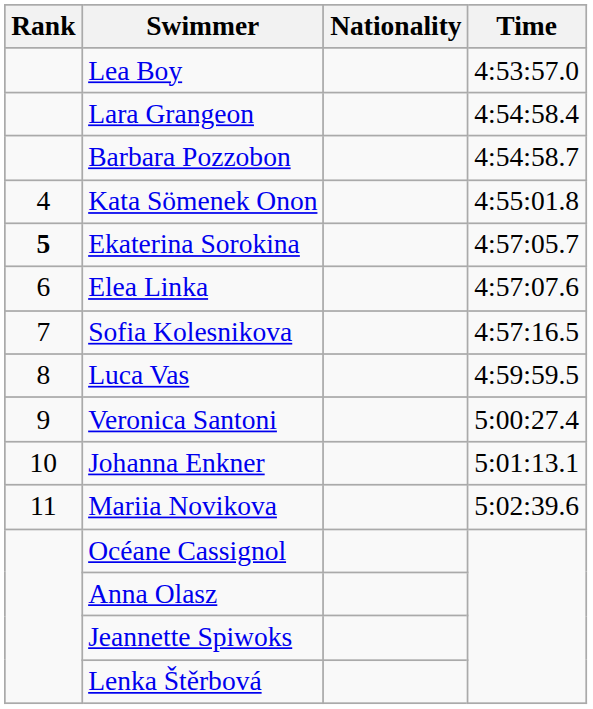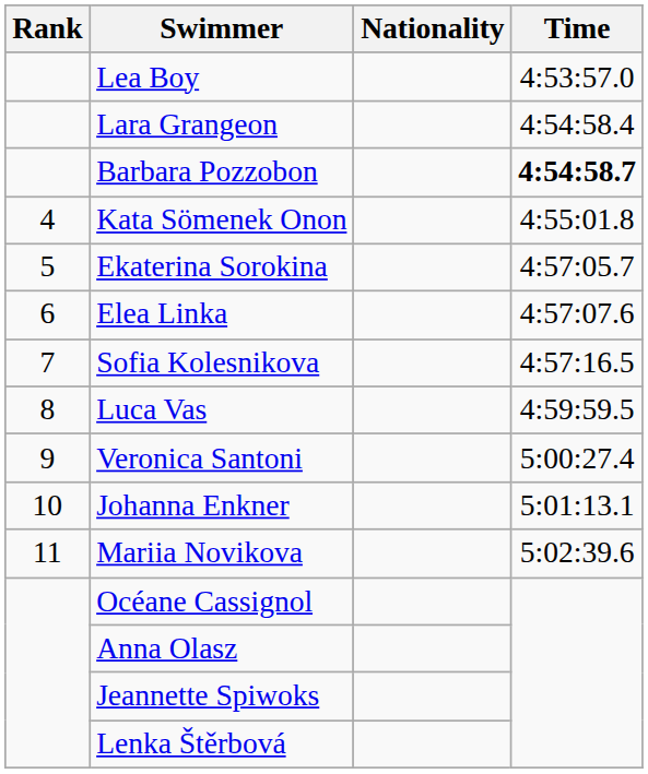 <table class="wikitable sortable" style="text-align:center">
 <tr>
 <th>Rank</th>
 <th>Swimmer</th>
 <th>Nationality</th>
 <th>Time</th>
 </tr>
 <tr>
 <td></td>
 <td align=left><a href='#'>Lea Boy</a></td>
 <td align=left></td>
 <td>4:53:57.0</td>
 </tr>
 <tr>
 <td></td>
 <td align=left><a href='#'>Lara Grangeon</a></td>
 <td align=left></td>
 <td>4:54:58.4</td>
 </tr>
 <tr>
 <td></td>
 <td align=left><a href='#'>Barbara Pozzobon</a></td>
 <td align=left></td>
-<td>4:54:58.7</td>
+<td><strong>4:54:58.7</strong></td>
 </tr>
 <tr>
 <td>4</td>
 <td align=left><a href='#'>Kata Sömenek Onon</a></td>
 <td align=left></td>
 <td>4:55:01.8</td>
 </tr>
 <tr>
-<td><strong>5</strong></td>
+<td>5</td>
 <td align=left><a href='#'>Ekaterina Sorokina</a></td>
 <td align=left></td>
 <td>4:57:05.7</td>
 </tr>
 <tr>
 <td>6</td>
 <td align=left><a href='#'>Elea Linka</a></td>
 <td align=left></td>
 <td>4:57:07.6</td>
 </tr>
 <tr>
 <td>7</td>
 <td align=left><a href='#'>Sofia Kolesnikova</a></td>
 <td align=left></td>
 <td>4:57:16.5</td>
 </tr>
 <tr>
 <td>8</td>
 <td align=left><a href='#'>Luca Vas</a></td>
 <td align=left></td>
 <td>4:59:59.5</td>
 </tr>
 <tr>
 <td>9</td>
 <td align=left><a href='#'>Veronica Santoni</a></td>
 <td align=left></td>
 <td>5:00:27.4</td>
 </tr>
 <tr>
 <td>10</td>
 <td align=left><a href='#'>Johanna Enkner</a></td>
 <td align=left></td>
 <td>5:01:13.1</td>
 </tr>
 <tr>
 <td>11</td>
 <td align=left><a href='#'>Mariia Novikova</a></td>
 <td align=left></td>
 <td>5:02:39.6</td>
 </tr>
 <tr>
 <td rowspan=4></td>
 <td align=left><a href='#'>Océane Cassignol</a></td>
 <td align=left></td>
 <td rowspan=4></td>
 </tr>
 <tr>
 <td align=left><a href='#'>Anna Olasz</a></td>
 <td align=left></td>
 </tr>
 <tr>
 <td align=left><a href='#'>Jeannette Spiwoks</a></td>
 <td align=left></td>
 </tr>
 <tr>
 <td align=left><a href='#'>Lenka Štěrbová</a></td>
 <td align=left></td>
 </tr>
 </table>
